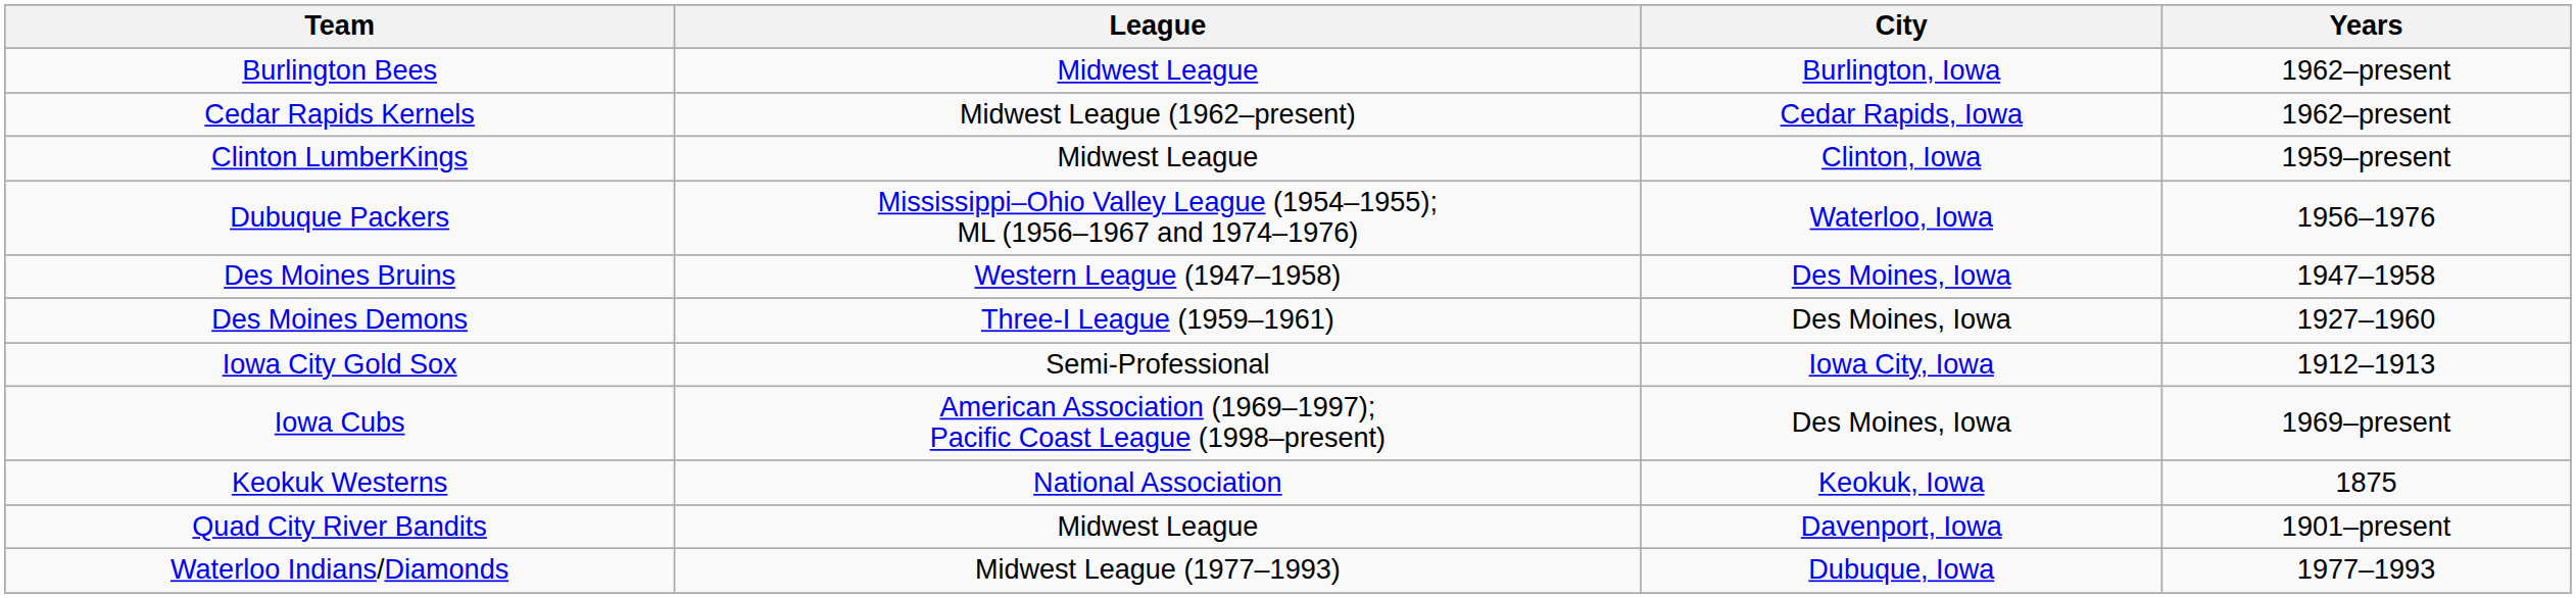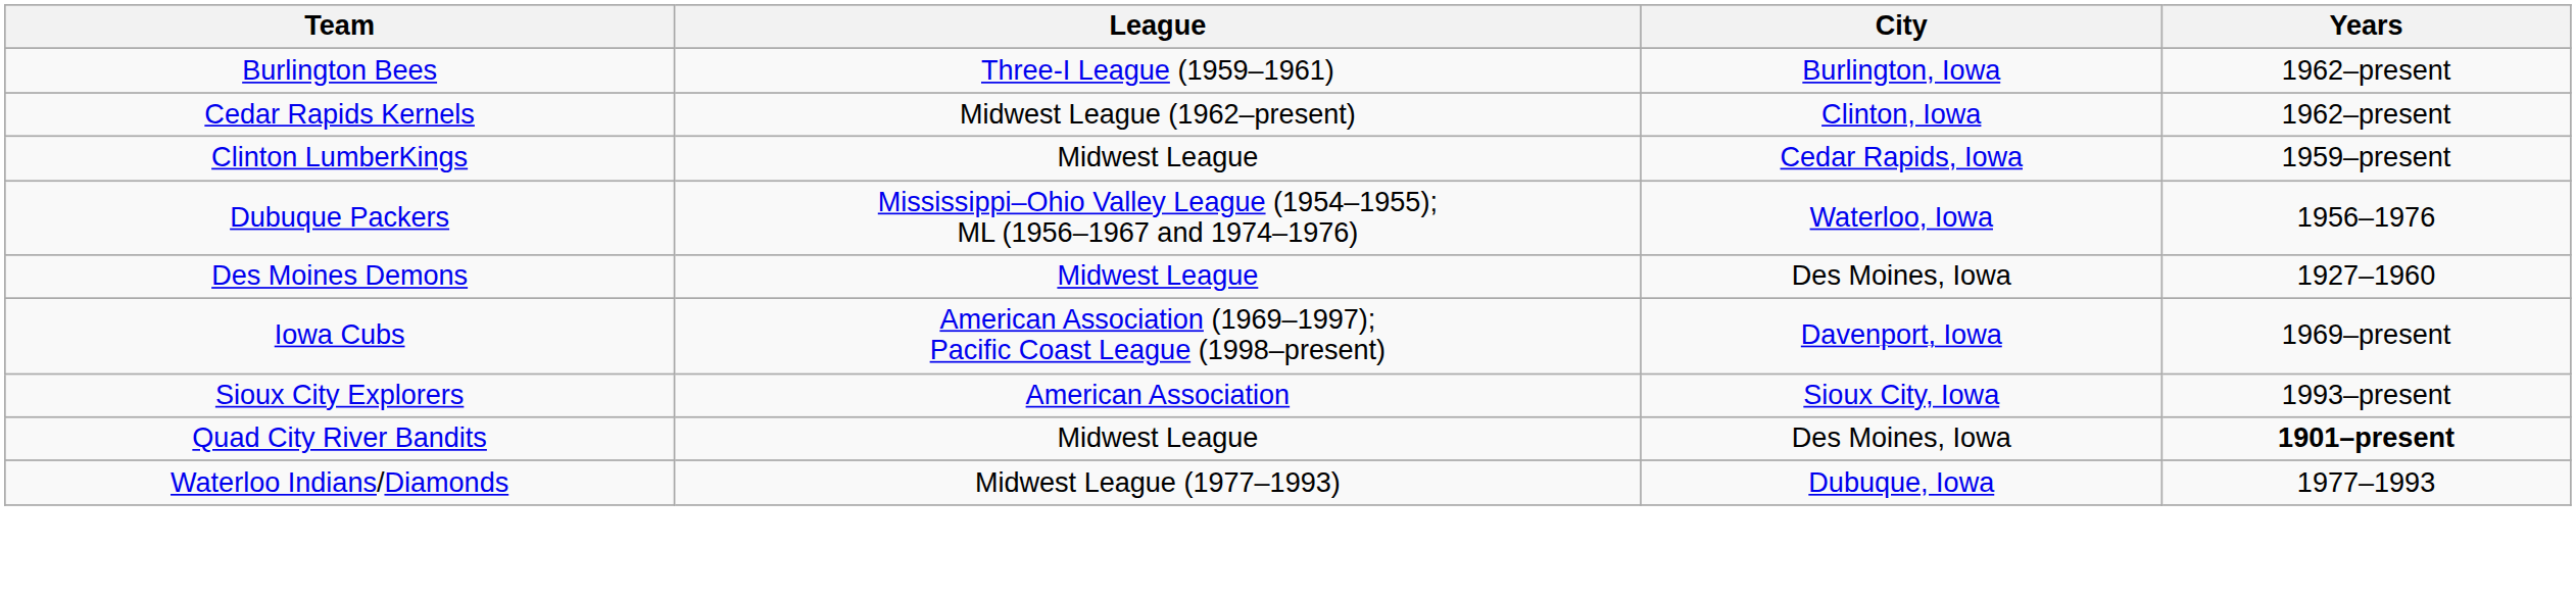 <table class="wikitable" style="font-size: 100%; width:75%;">
 <tr>
 <th rowspan="1" style="width:18%;">Team</th>
 <th rowspan="1" style="width:26%;">League</th>
 <th rowspan="1" style="width:14%;">City</th>
 <th rowspan="1" style="width:11%;">Years</th>
 </tr>
 <tr>
 <td align="center" style="background:"><a href='#'>Burlington Bees</a></td>
-<td align="center" style="background:"><a href='#'>Midwest League</a></td>
+<td align="center" style="background:"><a href='#'>Three-I League</a> (1959–1961)</td>
 <td align="center" style="background:"><a href='#'>Burlington, Iowa</a></td>
 <td align="center" style="background:">1962–present</td>
 </tr>
 <tr>
 <td align="center" style="background:"><a href='#'>Cedar Rapids Kernels</a></td>
 <td align="center" style="background:">Midwest League (1962–present)</td>
-<td align="center" style="background:"><a href='#'>Cedar Rapids, Iowa</a></td>
+<td align="center" style="background:"><a href='#'>Clinton, Iowa</a></td>
 <td align="center" style="background:">1962–present</td>
 </tr>
 <tr>
 <td align="center" style="background:"><a href='#'>Clinton LumberKings</a></td>
 <td align="center" style="background:">Midwest League</td>
-<td align="center" style="background:"><a href='#'>Clinton, Iowa</a></td>
+<td align="center" style="background:"><a href='#'>Cedar Rapids, Iowa</a></td>
 <td align="center" style="background:">1959–present</td>
 </tr>
 <tr>
 <td align="center" style="background:"><a href='#'>Dubuque Packers</a></td>
 <td align="center" style="background:"><a href='#'>Mississippi–Ohio Valley League</a> (1954–1955); <br> ML (1956–1967 and 1974–1976)</td>
 <td align="center" style="background:"><a href='#'>Waterloo, Iowa</a></td>
 <td align="center" style="background:">1956–1976</td>
 </tr>
 <tr>
-<td align="center" style="background:"><a href='#'>Des Moines Bruins</a></td>
-<td align="center" style="background:"><a href='#'>Western League</a> (1947–1958)</td>
-<td align="center" style="background:"><a href='#'>Des Moines, Iowa</a></td>
-<td align="center" style="background:">1947–1958</td>
-</tr>
-<tr>
 <td align="center" style="background:"><a href='#'>Des Moines Demons</a></td>
-<td align="center" style="background:"><a href='#'>Three-I League</a> (1959–1961)</td>
+<td align="center" style="background:"><a href='#'>Midwest League</a></td>
 <td align="center" style="background:">Des Moines, Iowa</td>
 <td align="center" style="background:">1927–1960</td>
 </tr>
 <tr>
-<td align="center" style="background:"><a href='#'>Iowa City Gold Sox</a></td>
-<td align="center" style="background:">Semi-Professional</td>
-<td align="center" style="background:"><a href='#'>Iowa City, Iowa</a></td>
-<td align="center" style="background:">1912–1913</td>
-</tr>
-<tr>
 <td align="center" style="background:"><a href='#'>Iowa Cubs</a></td>
 <td align="center" style="background:"><a href='#'>American Association</a> (1969–1997); <br> <a href='#'>Pacific Coast League</a> (1998–present)</td>
-<td align="center" style="background:">Des Moines, Iowa</td>
+<td align="center" style="background:"><a href='#'>Davenport, Iowa</a></td>
 <td align="center" style="background:">1969–present</td>
 </tr>
 <tr>
-<td align="center" style="background:"><a href='#'>Keokuk Westerns</a></td>
-<td align="center" style="background:"><a href='#'>National Association</a></td>
-<td align="center" style="background:"><a href='#'>Keokuk, Iowa</a></td>
-<td align="center" style="background:">1875</td>
+<td align="center" style="background:"><a href='#'>Sioux City Explorers</a></td>
+<td align="center" style="background:"><a href='#'>American Association</a></td>
+<td align="center" style="background:"><a href='#'>Sioux City, Iowa</a></td>
+<td align="center" style="background:">1993–present</td>
 </tr>
 <tr>
 <td align="center" style="background:"><a href='#'>Quad City River Bandits</a></td>
 <td align="center" style="background:">Midwest League</td>
-<td align="center" style="background:"><a href='#'>Davenport, Iowa</a></td>
-<td align="center" style="background:">1901–present</td>
+<td align="center" style="background:">Des Moines, Iowa</td>
+<td align="center" style="background:"><strong>1901–present</strong></td>
 </tr>
 <tr>
 <td align="center" style="background:"><a href='#'>Waterloo Indians</a>/<a href='#'>Diamonds</a></td>
 <td align="center" style="background:">Midwest League (1977–1993)</td>
 <td align="center" style="background:"><a href='#'>Dubuque, Iowa</a></td>
 <td align="center" style="background:">1977–1993</td>
 </tr>
 </table>
